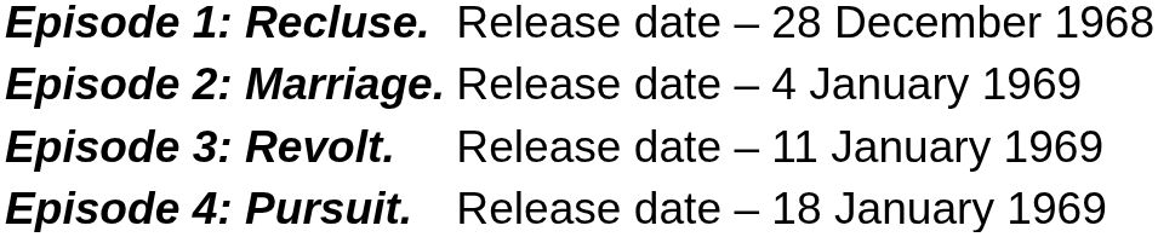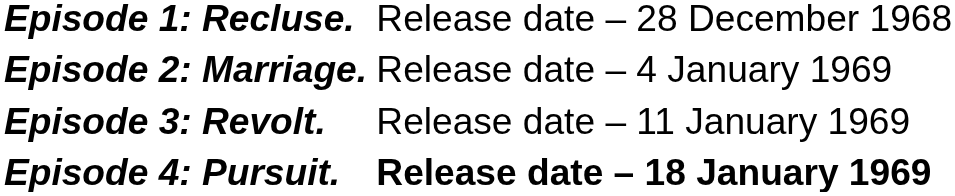 <table>
 <tr>
 <td><strong><em>Episode 1: Recluse.</em></strong></td>
 <td>Release date – 28 December 1968</td>
 </tr>
 <tr>
 <td><strong><em>Episode 2: Marriage.</em></strong></td>
 <td>Release date – 4 January 1969</td>
 </tr>
 <tr>
 <td><strong><em>Episode 3: Revolt.</em></strong></td>
 <td>Release date – 11 January 1969</td>
 </tr>
 <tr>
 <td><strong><em>Episode 4: Pursuit.</em></strong></td>
-<td>Release date – 18 January 1969</td>
+<td><strong>Release date – 18 January 1969</strong></td>
 </tr>
 </table>
